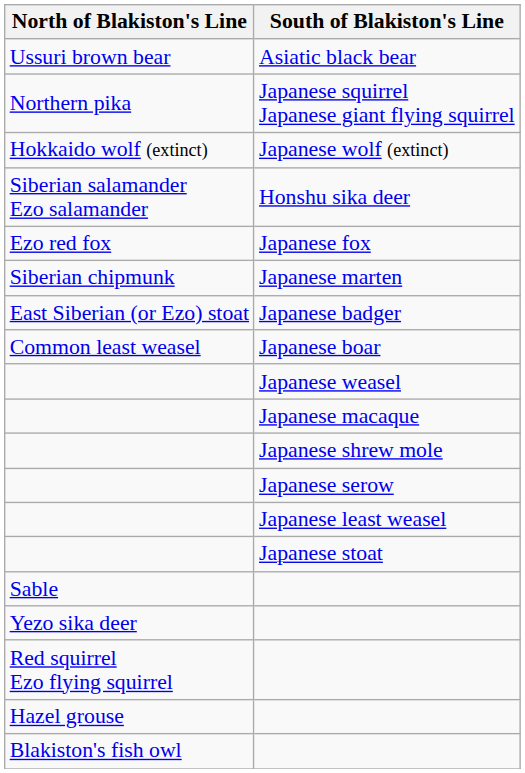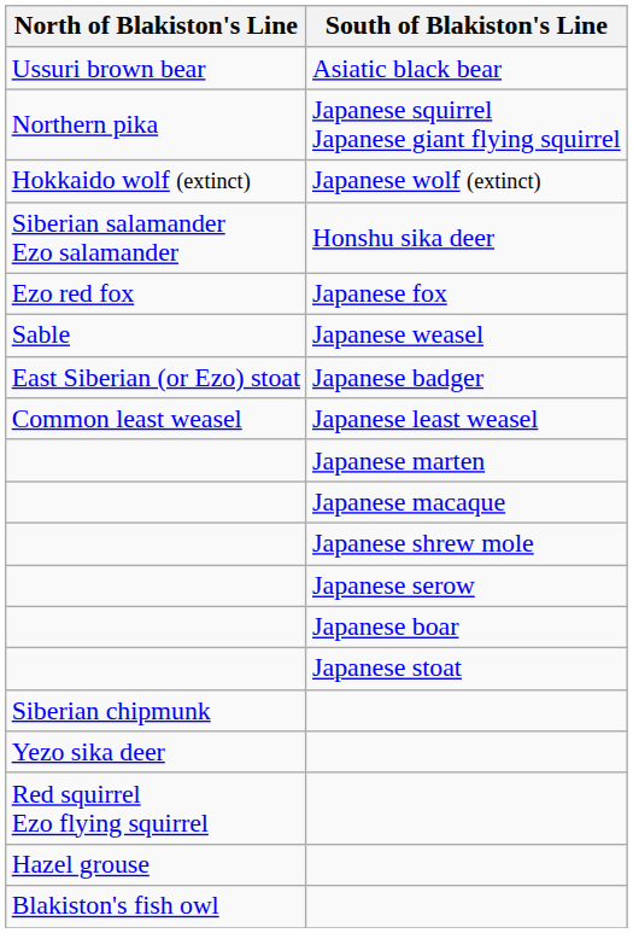 <table class="wikitable">
 <tr>
 <th>North of Blakiston's Line</th>
 <th>South of Blakiston's Line</th>
 </tr>
 <tr>
 <td><a href='#'>Ussuri brown bear</a></td>
 <td><a href='#'>Asiatic black bear</a></td>
 </tr>
 <tr>
 <td><a href='#'>Northern pika</a></td>
 <td><a href='#'>Japanese squirrel</a><br><a href='#'>Japanese giant flying squirrel</a></td>
 </tr>
 <tr>
 <td><a href='#'>Hokkaido wolf</a> <small>(extinct)</small></td>
 <td><a href='#'>Japanese wolf</a> <small>(extinct)</small></td>
 </tr>
 <tr>
 <td><a href='#'>Siberian salamander</a><br><a href='#'>Ezo salamander</a></td>
 <td><a href='#'>Honshu sika deer</a></td>
 </tr>
 <tr>
 <td><a href='#'>Ezo red fox</a></td>
 <td><a href='#'>Japanese fox</a></td>
 </tr>
 <tr>
-<td><a href='#'>Siberian chipmunk</a></td>
-<td><a href='#'>Japanese marten</a></td>
+<td><a href='#'>Sable</a></td>
+<td><a href='#'>Japanese weasel</a></td>
 </tr>
 <tr>
 <td><a href='#'>East Siberian (or Ezo) stoat</a></td>
 <td><a href='#'>Japanese badger</a></td>
 </tr>
 <tr>
 <td><a href='#'>Common least weasel</a></td>
-<td><a href='#'>Japanese boar</a></td>
+<td><a href='#'>Japanese least weasel</a></td>
 </tr>
 <tr>
 <td></td>
-<td><a href='#'>Japanese weasel</a></td>
+<td><a href='#'>Japanese marten</a></td>
 </tr>
 <tr>
 <td></td>
 <td><a href='#'>Japanese macaque</a></td>
 </tr>
 <tr>
 <td></td>
 <td><a href='#'>Japanese shrew mole</a></td>
 </tr>
 <tr>
 <td></td>
 <td><a href='#'>Japanese serow</a></td>
 </tr>
 <tr>
 <td></td>
-<td><a href='#'>Japanese least weasel</a></td>
+<td><a href='#'>Japanese boar</a></td>
 </tr>
 <tr>
 <td></td>
 <td><a href='#'>Japanese stoat</a></td>
 </tr>
 <tr>
-<td><a href='#'>Sable</a></td>
+<td><a href='#'>Siberian chipmunk</a></td>
 <td></td>
 </tr>
 <tr>
 <td><a href='#'>Yezo sika deer</a></td>
 <td></td>
 </tr>
 <tr>
 <td><a href='#'>Red squirrel</a><br><a href='#'>Ezo flying squirrel</a></td>
 <td></td>
 </tr>
 <tr>
 <td><a href='#'>Hazel grouse</a></td>
 <td></td>
 </tr>
 <tr>
 <td><a href='#'>Blakiston's fish owl</a></td>
 <td></td>
 </tr>
 </table>
